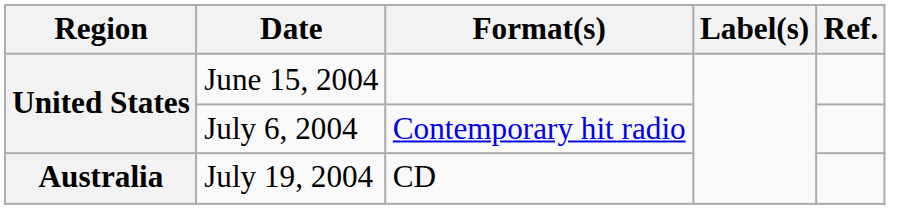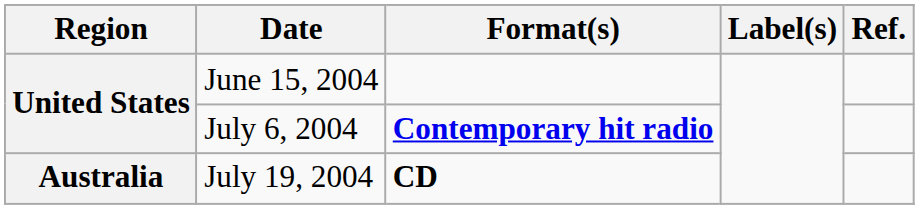 <table class="wikitable plainrowheaders">
 <tr>
 <th scope="col">Region</th>
 <th scope="col">Date</th>
 <th scope="col">Format(s)</th>
 <th scope="col">Label(s)</th>
 <th scope="col">Ref.</th>
 </tr>
 <tr>
 <th scope="row" rowspan="2">United States</th>
 <td>June 15, 2004</td>
 <td></td>
 <td rowspan="3"></td>
 <td></td>
 </tr>
 <tr>
 <td>July 6, 2004</td>
-<td><a href='#'>Contemporary hit radio</a></td>
+<td><strong><a href='#'>Contemporary hit radio</a></strong></td>
 <td></td>
 </tr>
 <tr>
 <th scope="row">Australia</th>
 <td>July 19, 2004</td>
-<td>CD</td>
+<td><strong>CD</strong></td>
 <td></td>
 </tr>
 </table>
